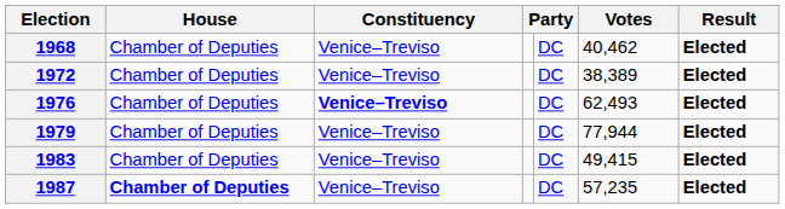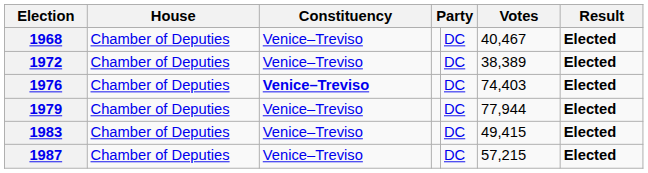 <table class=wikitable style="width:55%; border:1px #AAAAFF solid">
 <tr>
 <th width=12%>Election</th>
 <th width=25%>House</th>
 <th width=25%>Constituency</th>
 <th width=5% colspan="2">Party</th>
 <th width=12%>Votes</th>
 <th width=12%>Result</th>
 </tr>
 <tr>
 <th><a href='#'>1968</a></th>
 <td><a href='#'>Chamber of Deputies</a></td>
 <td><a href='#'>Venice–Treviso</a></td>
 <td></td>
 <td><a href='#'>DC</a></td>
-<td>40,462</td>
+<td>40,467</td>
 <td> <strong>Elected</strong></td>
 </tr>
 <tr>
 <th><a href='#'>1972</a></th>
 <td><a href='#'>Chamber of Deputies</a></td>
 <td><a href='#'>Venice–Treviso</a></td>
 <td></td>
 <td><a href='#'>DC</a></td>
 <td>38,389</td>
 <td> <strong>Elected</strong></td>
 </tr>
 <tr>
 <th><a href='#'>1976</a></th>
 <td><a href='#'>Chamber of Deputies</a></td>
 <td><strong><a href='#'>Venice–Treviso</a></strong></td>
 <td></td>
 <td><a href='#'>DC</a></td>
-<td>62,493</td>
+<td>74,403</td>
 <td> <strong>Elected</strong></td>
 </tr>
 <tr>
 <th><a href='#'>1979</a></th>
 <td><a href='#'>Chamber of Deputies</a></td>
 <td><a href='#'>Venice–Treviso</a></td>
 <td></td>
 <td><a href='#'>DC</a></td>
 <td>77,944</td>
 <td> <strong>Elected</strong></td>
 </tr>
 <tr>
 <th><a href='#'>1983</a></th>
 <td><a href='#'>Chamber of Deputies</a></td>
 <td><a href='#'>Venice–Treviso</a></td>
 <td></td>
 <td><a href='#'>DC</a></td>
 <td>49,415</td>
 <td> <strong>Elected</strong></td>
 </tr>
 <tr>
 <th><a href='#'>1987</a></th>
-<td><strong><a href='#'>Chamber of Deputies</a></strong></td>
+<td><a href='#'>Chamber of Deputies</a></td>
 <td><a href='#'>Venice–Treviso</a></td>
 <td></td>
 <td><a href='#'>DC</a></td>
-<td>57,235</td>
+<td>57,215</td>
 <td> <strong>Elected</strong></td>
 </tr>
 </table>
